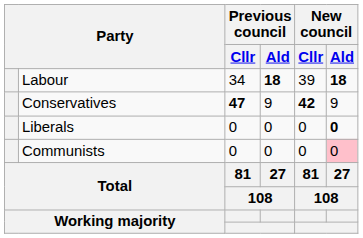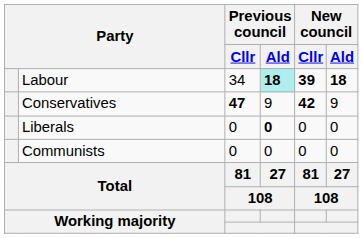 <table class="wikitable">
 <tr>
 <th colspan="2" rowspan="2" style="width: 230px">Party</th>
 <th valign=top colspan="2" style="width: 30px">Previous council</th>
 <th valign=top colspan="2" style="width: 30px">New council</th>
 </tr>
 <tr>
 <th><a href='#'>Cllr</a></th>
 <th><a href='#'>Ald</a></th>
 <th><a href='#'>Cllr</a></th>
 <th><a href='#'>Ald</a></th>
 </tr>
 <tr>
 <th style="background-color: "></th>
 <td>Labour</td>
 <td>34</td>
-<td><strong>18</strong></td>
-<td>39</td>
+<td style="background: paleturquoise;"><strong>18</strong></td>
+<td><strong>39</strong></td>
 <td><strong>18</strong></td>
 </tr>
 <tr>
 <th style="background-color: "></th>
 <td>Conservatives</td>
 <td><strong>47</strong></td>
 <td>9</td>
 <td><strong>42</strong></td>
 <td>9</td>
 </tr>
 <tr>
 <th style="background-color: "></th>
 <td>Liberals</td>
 <td>0</td>
+<td><strong>0</strong></td>
 <td>0</td>
 <td>0</td>
-<td><strong>0</strong></td>
 </tr>
 <tr>
 <th style="background-color: "></th>
 <td>Communists</td>
 <td>0</td>
 <td>0</td>
 <td>0</td>
-<td style="background: pink;">0</td>
+<td>0</td>
 </tr>
 <tr>
 <th colspan="2" rowspan="2">Total</th>
 <th style="text-align: center">81</th>
 <th style="text-align: center">27</th>
 <th style="text-align: center">81</th>
 <th style="text-align: center">27</th>
 </tr>
 <tr>
 <th colspan="2" style="text-align: center">108</th>
 <th colspan="2" style="text-align: center">108</th>
 </tr>
 <tr>
 <th colspan="2" rowspan="2">Working majority</th>
 <th></th>
 <th></th>
 <th></th>
 <th></th>
 </tr>
 <tr>
 <th colspan="2"></th>
 <th colspan="2"></th>
 </tr>
 </table>
